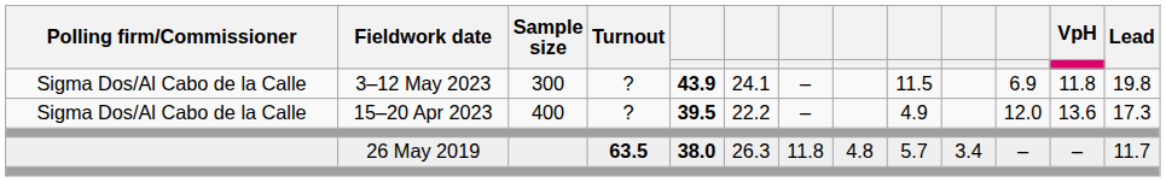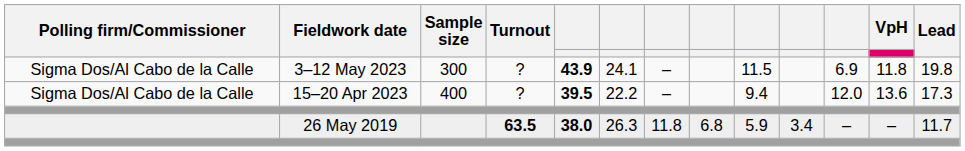 <table class="wikitable collapsible collapsed" style="text-align:center; font-size:95%; line-height:16px;">
 <tr style="height:42px;">
 <th style="width:250px;" rowspan="2">Polling firm/Commissioner</th>
 <th style="width:125px;" rowspan="2">Fieldwork date</th>
 <th style="width:50px;" rowspan="2">Sample size</th>
 <th style="width:45px;" rowspan="2">Turnout</th>
 <th style="width:35px;"></th>
 <th style="width:35px;"></th>
 <th style="width:35px;"></th>
 <th style="width:35px;"></th>
 <th style="width:35px;"></th>
 <th style="width:35px;"></th>
 <th style="width:35px;"></th>
 <th style="width:35px;">VpH</th>
 <th style="width:30px;" rowspan="2">Lead</th>
 </tr>
 <tr>
 <th style="color:inherit;background:"></th>
 <th style="color:inherit;background:"></th>
 <th style="color:inherit;background:"></th>
 <th style="color:inherit;background:"></th>
 <th style="color:inherit;background:"></th>
 <th style="color:inherit;background:"></th>
 <th style="color:inherit;background:"></th>
 <th style="color:inherit;background:#DD0069;"></th>
 </tr>
 <tr>
 <td>Sigma Dos/Al Cabo de la Calle</td>
 <td>3–12 May 2023</td>
 <td>300</td>
 <td>?</td>
 <td><strong>43.9</strong><br></td>
 <td>24.1<br></td>
 <td>–</td>
 <td></td>
 <td>11.5<br></td>
 <td></td>
 <td>6.9<br></td>
 <td>11.8<br></td>
 <td style="background:">19.8</td>
 </tr>
 <tr>
 <td>Sigma Dos/Al Cabo de la Calle</td>
 <td>15–20 Apr 2023</td>
 <td>400</td>
 <td>?</td>
 <td><strong>39.5</strong><br></td>
 <td>22.2<br></td>
 <td>–</td>
 <td></td>
-<td>4.9<br></td>
+<td>9.4<br></td>
 <td></td>
 <td>12.0<br></td>
 <td>13.6<br></td>
 <td style="background:">17.3</td>
 </tr>
 <tr>
 <td colspan="13" style="background:#A0A0A0"></td>
 </tr>
 <tr style="background:#EFEFEF;">
 <td><strong></strong></td>
 <td>26 May 2019</td>
 <td></td>
 <td><strong>63.5</strong></td>
 <td><strong>38.0</strong><br></td>
 <td>26.3<br></td>
 <td>11.8<br></td>
-<td>4.8<br></td>
-<td>5.7<br></td>
+<td>6.8<br></td>
+<td>5.9<br></td>
 <td>3.4<br></td>
 <td>–</td>
 <td>–</td>
 <td style="background:">11.7</td>
 </tr>
 <tr>
 <td colspan="13" style="background:#A0A0A0"></td>
 </tr>
 </table>
